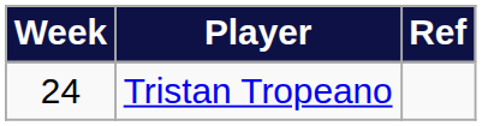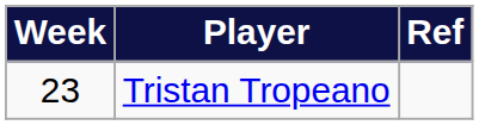 <table class=wikitable>
 <tr>
 <th style="background:#0E1145; color:#FFFFFF;">Week</th>
 <th style="background:#0E1145; color:#FFFFFF;">Player</th>
 <th style="background:#0E1145; color:#FFFFFF;">Ref</th>
 </tr>
 <tr>
-<td align=center>24</td>
+<td align=center>23</td>
 <td> <a href='#'>Tristan Tropeano</a></td>
 <td align=center></td>
 </tr>
 </table>
